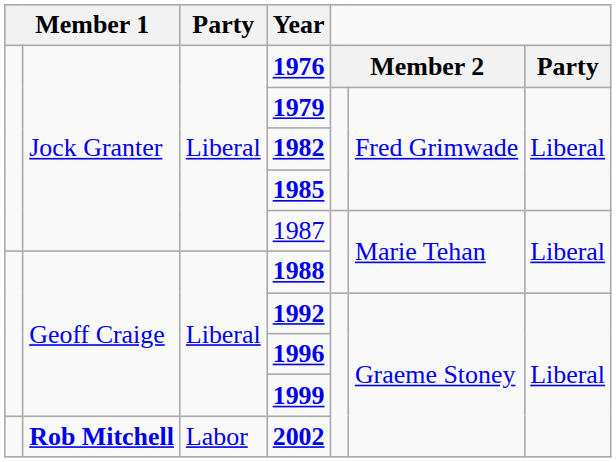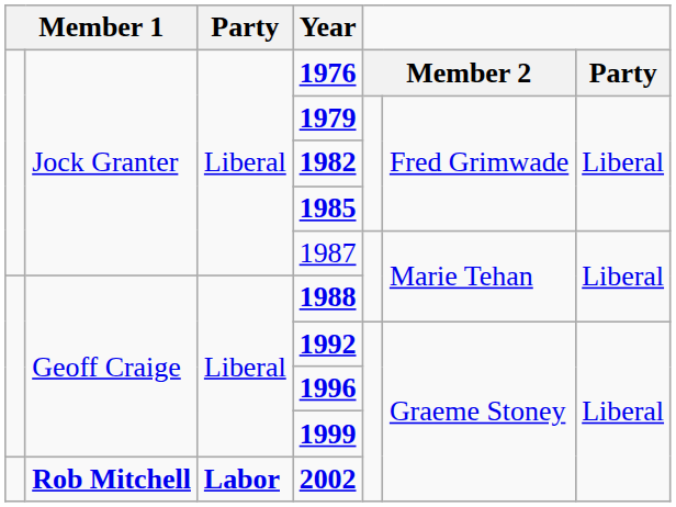 <table class="wikitable">
 <tr>
 <th colspan="2">Member 1</th>
 <th>Party</th>
 <th>Year</th>
 </tr>
 <tr>
 <td rowspan="5" > </td>
 <td rowspan="5"><a href='#'>Jock Granter</a></td>
 <td rowspan="5"><a href='#'>Liberal</a></td>
 <td><strong><a href='#'>1976</a></strong></td>
 <th colspan="2">Member 2</th>
 <th>Party</th>
 </tr>
 <tr>
 <td><strong><a href='#'>1979</a></strong></td>
 <td rowspan="3"> </td>
 <td rowspan="3"><a href='#'>Fred Grimwade</a></td>
 <td rowspan="3"><a href='#'>Liberal</a></td>
 </tr>
 <tr>
 <td><strong><a href='#'>1982</a></strong></td>
 </tr>
 <tr>
 <td><strong><a href='#'>1985</a></strong></td>
 </tr>
 <tr>
 <td><a href='#'>1987</a></td>
 <td rowspan="2" > </td>
 <td rowspan="2"><a href='#'>Marie Tehan</a></td>
 <td rowspan="2"><a href='#'>Liberal</a></td>
 </tr>
 <tr>
 <td rowspan="4" > </td>
 <td rowspan="4"><a href='#'>Geoff Craige</a></td>
 <td rowspan="4"><a href='#'>Liberal</a></td>
 <td><strong><a href='#'>1988</a></strong></td>
 </tr>
 <tr>
 <td><strong><a href='#'>1992</a></strong></td>
 <td rowspan="4" > </td>
 <td rowspan="4"><a href='#'>Graeme Stoney</a></td>
 <td rowspan="4"><a href='#'>Liberal</a></td>
 </tr>
 <tr>
 <td><strong><a href='#'>1996</a></strong></td>
 </tr>
 <tr>
 <td><strong><a href='#'>1999</a></strong></td>
 </tr>
 <tr>
 <td> </td>
 <td><strong><a href='#'>Rob Mitchell</a></strong></td>
-<td><a href='#'>Labor</a></td>
+<td><strong><a href='#'>Labor</a></strong></td>
 <td><strong><a href='#'>2002</a></strong></td>
 </tr>
 </table>
